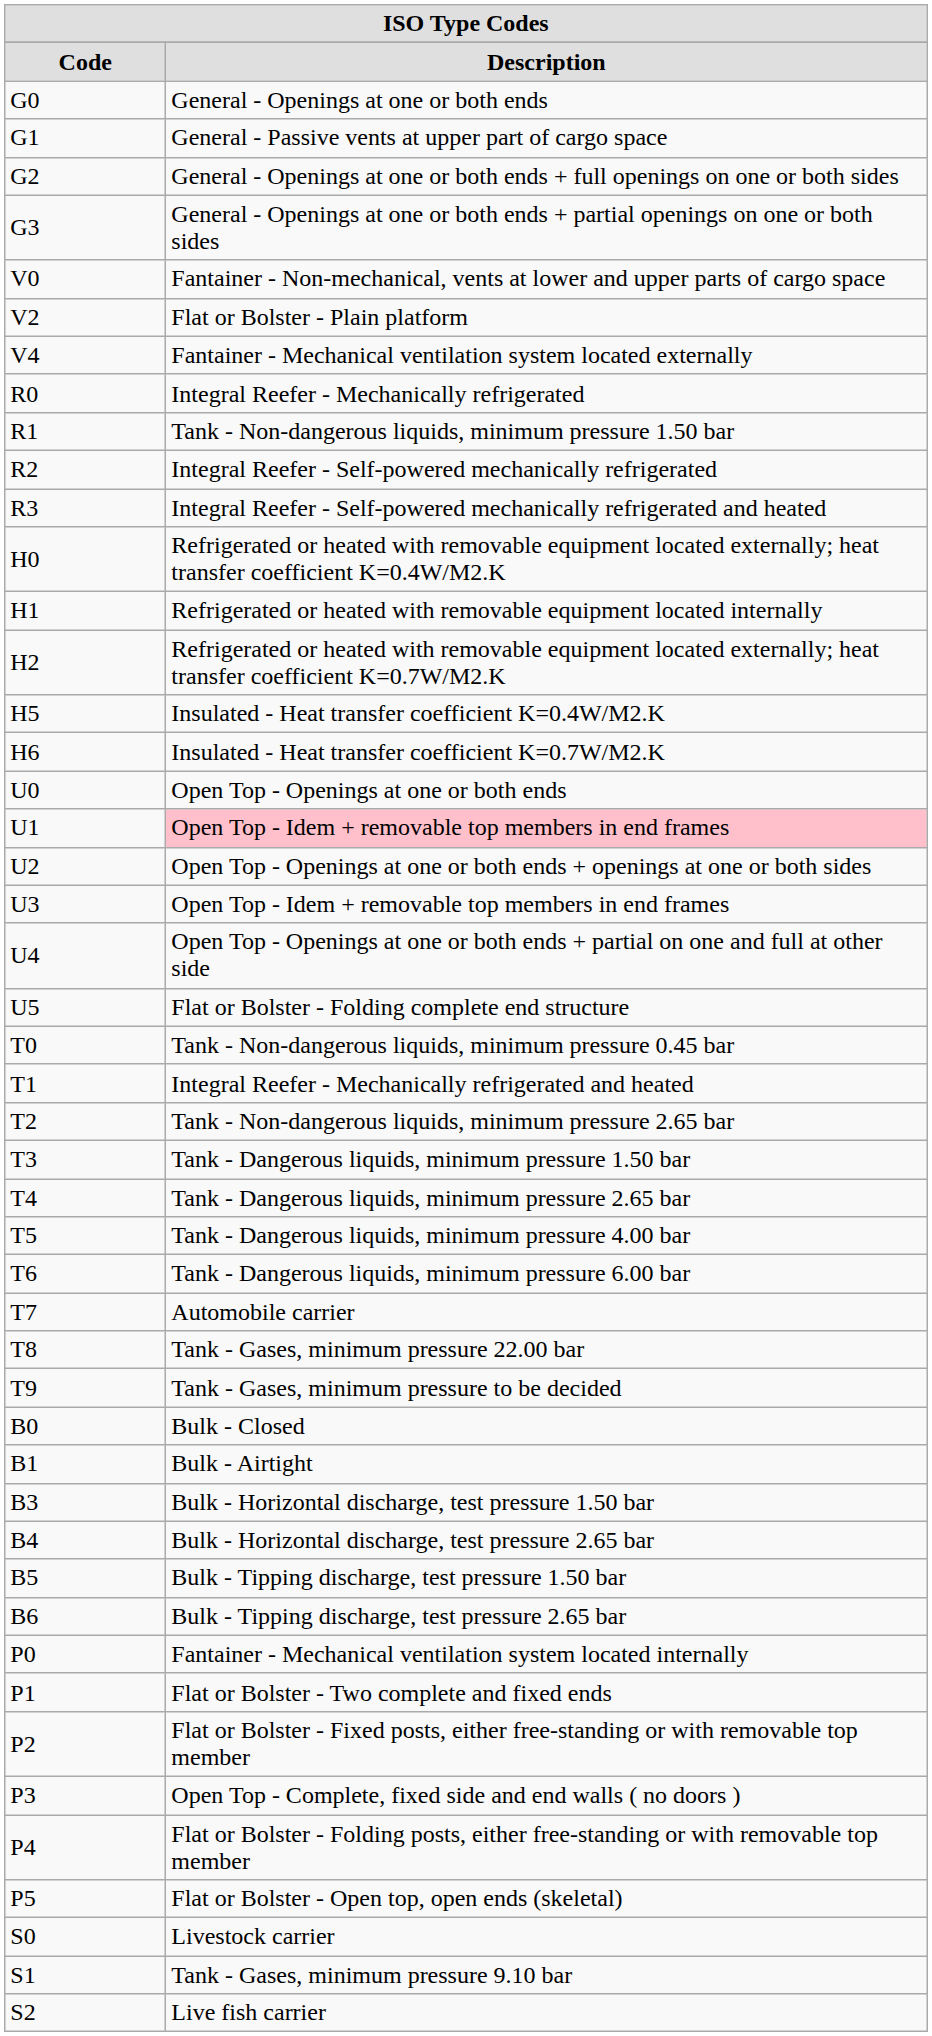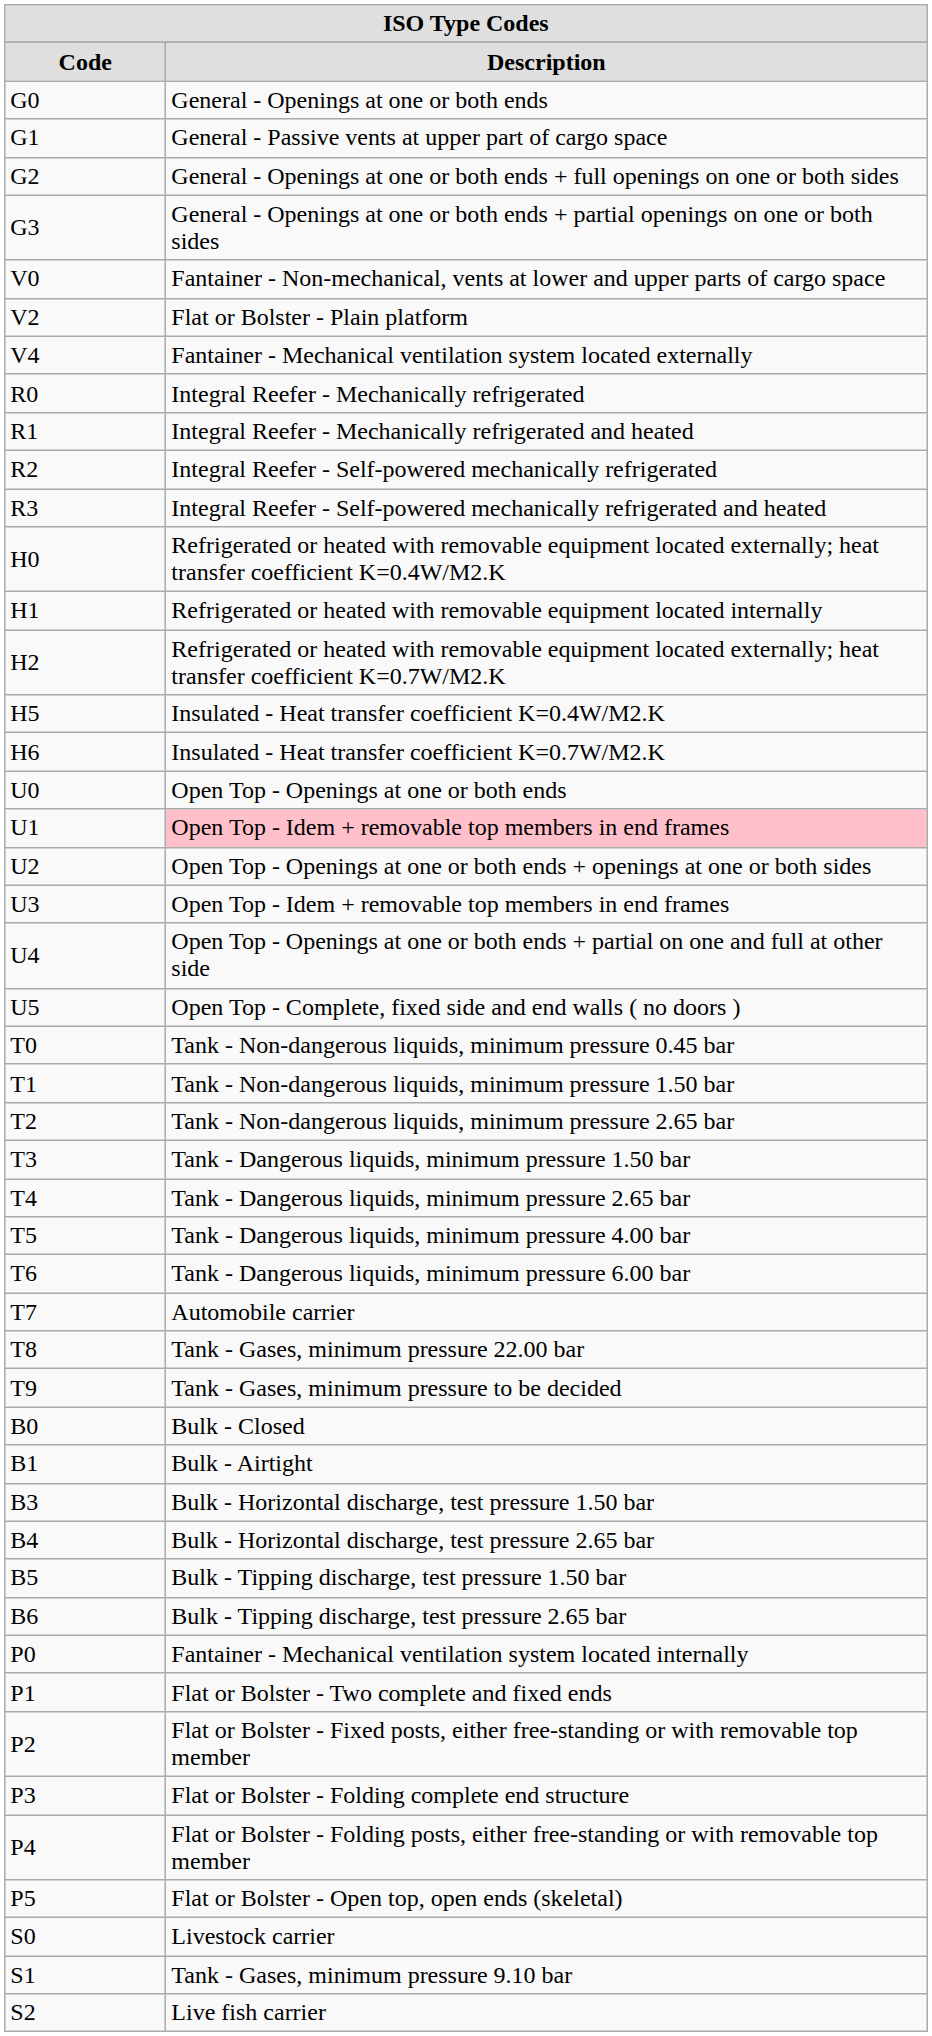 <table class="wikitable">
 <tr bgcolor="#dfdfdf">
 <td width="600" colspan="2" align="center"><strong>ISO Type Codes</strong></td>
 </tr>
 <tr ---->
 </tr>
 <tr bgcolor="#dfdfdf">
 <td width="100" align="center"><strong>Code</strong></td>
 <td width="500" align="center"><strong>Description</strong></td>
 </tr>
 <tr ---->
 <td>G0</td>
 <td>General - Openings at one or both ends</td>
 </tr>
 <tr ---->
 <td>G1</td>
 <td>General - Passive vents at upper part of cargo space</td>
 </tr>
 <tr ---->
 <td>G2</td>
 <td>General - Openings at one or both ends + full openings on one or both sides</td>
 </tr>
 <tr ---->
 <td>G3</td>
 <td>General - Openings at one or both ends + partial openings on one or both sides</td>
 </tr>
 <tr ---->
 <td>V0</td>
 <td>Fantainer - Non-mechanical, vents at lower and upper parts of cargo space</td>
 </tr>
 <tr ---->
 <td>V2</td>
 <td>Flat or Bolster - Plain platform</td>
 </tr>
 <tr ---->
 <td>V4</td>
 <td>Fantainer - Mechanical ventilation system located externally</td>
 </tr>
 <tr ---->
 <td>R0</td>
 <td>Integral Reefer - Mechanically refrigerated</td>
 </tr>
 <tr ---->
 <td>R1</td>
-<td>Tank - Non-dangerous liquids, minimum pressure 1.50 bar</td>
+<td>Integral Reefer - Mechanically refrigerated and heated</td>
 </tr>
 <tr ---->
 <td>R2</td>
 <td>Integral Reefer - Self-powered mechanically refrigerated</td>
 </tr>
 <tr ---->
 <td>R3</td>
 <td>Integral Reefer - Self-powered mechanically refrigerated and heated</td>
 </tr>
 <tr ---->
 <td>H0</td>
 <td>Refrigerated or heated with removable equipment located externally; heat transfer coefficient K=0.4W/M2.K</td>
 </tr>
 <tr ---->
 <td>H1</td>
 <td>Refrigerated or heated with removable equipment located internally</td>
 </tr>
 <tr ---->
 <td>H2</td>
 <td>Refrigerated or heated with removable equipment located externally; heat transfer coefficient K=0.7W/M2.K</td>
 </tr>
 <tr ---->
 <td>H5</td>
 <td>Insulated - Heat transfer coefficient K=0.4W/M2.K</td>
 </tr>
 <tr ---->
 <td>H6</td>
 <td>Insulated - Heat transfer coefficient K=0.7W/M2.K</td>
 </tr>
 <tr ---->
 <td>U0</td>
 <td>Open Top - Openings at one or both ends</td>
 </tr>
 <tr ---->
 <td>U1</td>
 <td style="background: pink;">Open Top - Idem + removable top members in end frames</td>
 </tr>
 <tr ---->
 <td>U2</td>
 <td>Open Top - Openings at one or both ends + openings at one or both sides</td>
 </tr>
 <tr ---->
 <td>U3</td>
 <td>Open Top - Idem + removable top members in end frames</td>
 </tr>
 <tr ---->
 <td>U4</td>
 <td>Open Top - Openings at one or both ends + partial on one and full at other side</td>
 </tr>
 <tr ---->
 <td>U5</td>
-<td>Flat or Bolster - Folding complete end structure</td>
+<td>Open Top - Complete, fixed side and end walls ( no doors )</td>
 </tr>
 <tr ---->
 <td>T0</td>
 <td>Tank - Non-dangerous liquids, minimum pressure 0.45 bar</td>
 </tr>
 <tr ---->
 <td>T1</td>
-<td>Integral Reefer - Mechanically refrigerated and heated</td>
+<td>Tank - Non-dangerous liquids, minimum pressure 1.50 bar</td>
 </tr>
 <tr ---->
 <td>T2</td>
 <td>Tank - Non-dangerous liquids, minimum pressure 2.65 bar</td>
 </tr>
 <tr ---->
 <td>T3</td>
 <td>Tank - Dangerous liquids, minimum pressure 1.50 bar</td>
 </tr>
 <tr ---->
 <td>T4</td>
 <td>Tank - Dangerous liquids, minimum pressure 2.65 bar</td>
 </tr>
 <tr ---->
 <td>T5</td>
 <td>Tank - Dangerous liquids, minimum pressure 4.00 bar</td>
 </tr>
 <tr ---->
 <td>T6</td>
 <td>Tank - Dangerous liquids, minimum pressure 6.00 bar</td>
 </tr>
 <tr ---->
 <td>T7</td>
 <td>Automobile carrier</td>
 </tr>
 <tr ---->
 <td>T8</td>
 <td>Tank - Gases, minimum pressure 22.00 bar</td>
 </tr>
 <tr ---->
 <td>T9</td>
 <td>Tank - Gases, minimum pressure to be decided</td>
 </tr>
 <tr ---->
 <td>B0</td>
 <td>Bulk - Closed</td>
 </tr>
 <tr ---->
 <td>B1</td>
 <td>Bulk - Airtight</td>
 </tr>
 <tr ---->
 <td>B3</td>
 <td>Bulk - Horizontal discharge, test pressure 1.50 bar</td>
 </tr>
 <tr ---->
 <td>B4</td>
 <td>Bulk - Horizontal discharge, test pressure 2.65 bar</td>
 </tr>
 <tr ---->
 <td>B5</td>
 <td>Bulk - Tipping discharge, test pressure 1.50 bar</td>
 </tr>
 <tr ---->
 <td>B6</td>
 <td>Bulk - Tipping discharge, test pressure 2.65 bar</td>
 </tr>
 <tr ---->
 <td>P0</td>
 <td>Fantainer - Mechanical ventilation system located internally</td>
 </tr>
 <tr ---->
 <td>P1</td>
 <td>Flat or Bolster - Two complete and fixed ends</td>
 </tr>
 <tr ---->
 <td>P2</td>
 <td>Flat or Bolster - Fixed posts, either free-standing or with removable top member</td>
 </tr>
 <tr ---->
 <td>P3</td>
-<td>Open Top - Complete, fixed side and end walls ( no doors )</td>
+<td>Flat or Bolster - Folding complete end structure</td>
 </tr>
 <tr ---->
 <td>P4</td>
 <td>Flat or Bolster - Folding posts, either free-standing or with removable top member</td>
 </tr>
 <tr ---->
 <td>P5</td>
 <td>Flat or Bolster - Open top, open ends (skeletal)</td>
 </tr>
 <tr ---->
 <td>S0</td>
 <td>Livestock carrier</td>
 </tr>
 <tr ---->
 <td>S1</td>
 <td>Tank - Gases, minimum pressure 9.10 bar</td>
 </tr>
 <tr ---->
 <td>S2</td>
 <td>Live fish carrier</td>
 </tr>
 </table>
